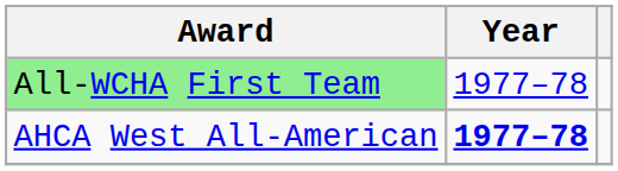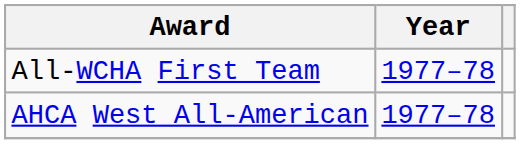 <table class="wikitable">
 <tr>
 <th>Award</th>
 <th>Year</th>
 <th></th>
 </tr>
 <tr>
-<td style="background: lightgreen;">All-<a href='#'>WCHA</a> <a href='#'>First Team</a></td>
+<td>All-<a href='#'>WCHA</a> <a href='#'>First Team</a></td>
 <td><a href='#'>1977–78</a></td>
 <td></td>
 </tr>
 <tr>
 <td><a href='#'>AHCA</a> <a href='#'>West All-American</a></td>
-<td><strong><a href='#'>1977–78</a></strong></td>
+<td><a href='#'>1977–78</a></td>
 <td></td>
 </tr>
 <tr>
 </tr>
 </table>
